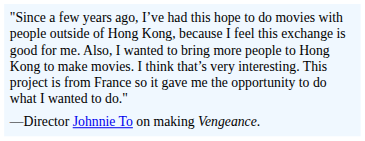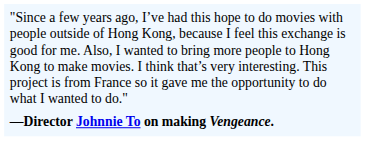 <table class="toccolours" style="float: left; margin-left: 1em; margin-right: 2em; font-size: 85%; background:#F0F8FF; color:black; width:30em; max-width: 40%;" cellspacing="5">
 <tr>
 <td style="text-align: left;">"Since a few years ago, I’ve had this hope to do movies with people outside of Hong Kong, because I feel this exchange is good for me. Also, I wanted to bring more people to Hong Kong to make movies. I think that’s very interesting. This project is from France so it gave me the opportunity to do what I wanted to do."</td>
 </tr>
 <tr>
-<td style="text-align: left;">—Director <a href='#'>Johnnie To</a> on making <em>Vengeance</em>.</td>
+<td style="text-align: left;"><strong>—Director <a href='#'>Johnnie To</a> on making <em>Vengeance</em>.</strong></td>
 </tr>
 </table>
